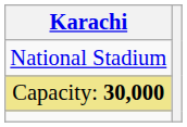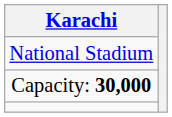 <table class="wikitable" style="text-align:center">
 <tr>
 <th><a href='#'>Karachi</a></th>
 <th rowspan="4"></th>
 </tr>
 <tr>
 <td><a href='#'>National Stadium</a></td>
 </tr>
 <tr>
-<td style="background: khaki;">Capacity: <strong>30,000</strong></td>
+<td>Capacity: <strong>30,000</strong></td>
 </tr>
 <tr>
 <td></td>
 </tr>
 </table>
